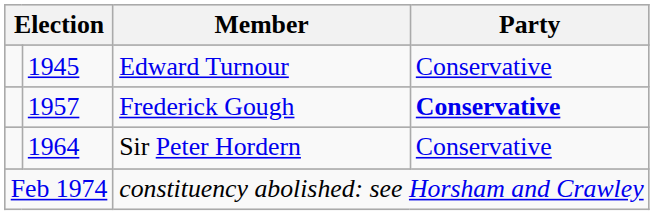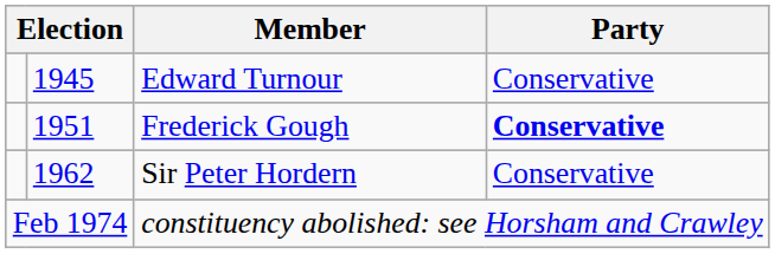 <table class="wikitable">
 <tr>
 <th colspan="2">Election</th>
 <th>Member</th>
 <th>Party</th>
 </tr>
 <tr>
 <td style="color:inherit;background-color: "></td>
 <td><a href='#'>1945</a></td>
 <td><a href='#'>Edward Turnour</a></td>
 <td><a href='#'>Conservative</a></td>
 </tr>
 <tr>
 <td style="color:inherit;background-color: "></td>
-<td><a href='#'>1957</a></td>
+<td><a href='#'>1951</a></td>
 <td><a href='#'>Frederick Gough</a></td>
 <td><strong><a href='#'>Conservative</a></strong></td>
 </tr>
 <tr>
 <td style="color:inherit;background-color: "></td>
-<td><a href='#'>1964</a></td>
+<td><a href='#'>1962</a></td>
 <td>Sir <a href='#'>Peter Hordern</a></td>
 <td><a href='#'>Conservative</a></td>
 </tr>
 <tr>
 <td colspan="2" align="center"><a href='#'>Feb 1974</a></td>
 <td colspan="2"><em>constituency abolished: see <a href='#'>Horsham and Crawley</a></em></td>
 </tr>
 </table>
